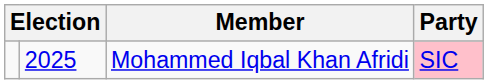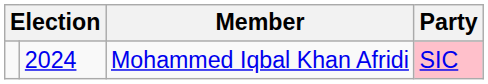 <table class="wikitable">
 <tr>
 <th colspan="2">Election</th>
 <th>Member</th>
 <th>Party</th>
 </tr>
 <tr>
 <td style="background-color: "></td>
-<td><a href='#'>2025</a></td>
+<td><a href='#'>2024</a></td>
 <td><a href='#'>Mohammed Iqbal Khan Afridi</a></td>
 <td style="background: pink;"><a href='#'>SIC</a></td>
 </tr>
 </table>
